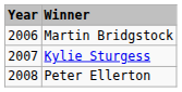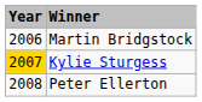 <table class="wikitable">
 <tr style="background:silver;">
 <td><strong>Year</strong></td>
 <td><strong>Winner</strong></td>
 </tr>
 <tr>
 <td>2006</td>
 <td>Martin Bridgstock</td>
 </tr>
 <tr>
-<td>2007</td>
+<td style="background: gold;">2007</td>
 <td><a href='#'>Kylie Sturgess</a></td>
 </tr>
 <tr>
 <td>2008</td>
 <td>Peter Ellerton</td>
 </tr>
 </table>
